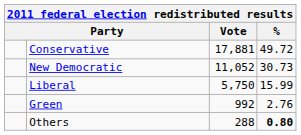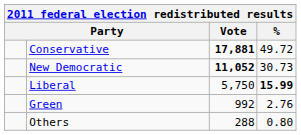 <table class="wikitable">
 <tr>
 <th colspan="4"><a href='#'>2011 federal election</a> redistributed results</th>
 </tr>
 <tr>
 <th bgcolor="#DDDDFF" width="130px" colspan="2">Party</th>
 <th bgcolor="#DDDDFF" width="50px">Vote</th>
 <th bgcolor="#DDDDFF" width="30px">%</th>
 </tr>
 <tr>
 <td> </td>
 <td><a href='#'>Conservative</a></td>
-<td align=right>17,881</td>
+<td align=right><strong>17,881</strong></td>
 <td align=right>49.72</td>
 </tr>
 <tr>
 <td> </td>
 <td><a href='#'>New Democratic</a></td>
-<td align=right>11,052</td>
+<td align=right><strong>11,052</strong></td>
 <td align=right>30.73</td>
 </tr>
 <tr>
 <td> </td>
 <td><a href='#'>Liberal</a></td>
 <td align=right>5,750</td>
-<td align=right>15.99</td>
+<td align=right><strong>15.99</strong></td>
 </tr>
 <tr>
 <td> </td>
 <td><a href='#'>Green</a></td>
 <td align=right>992</td>
 <td align=right>2.76</td>
 </tr>
 <tr>
 <td> </td>
 <td>Others</td>
 <td align=right>288</td>
-<td align=right><strong>0.80</strong></td>
+<td align=right>0.80</td>
 </tr>
 </table>
